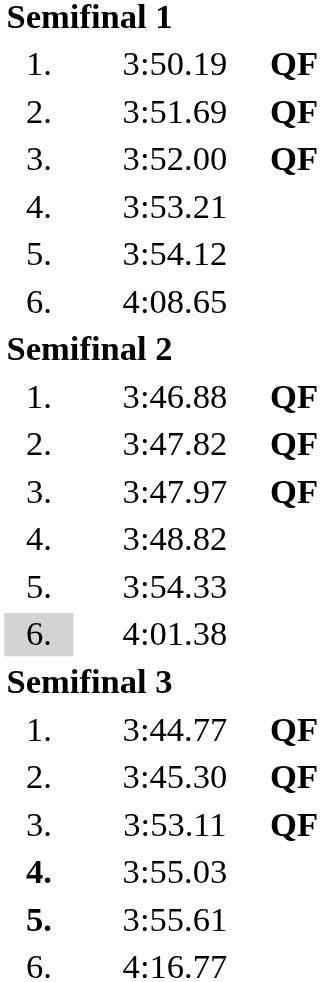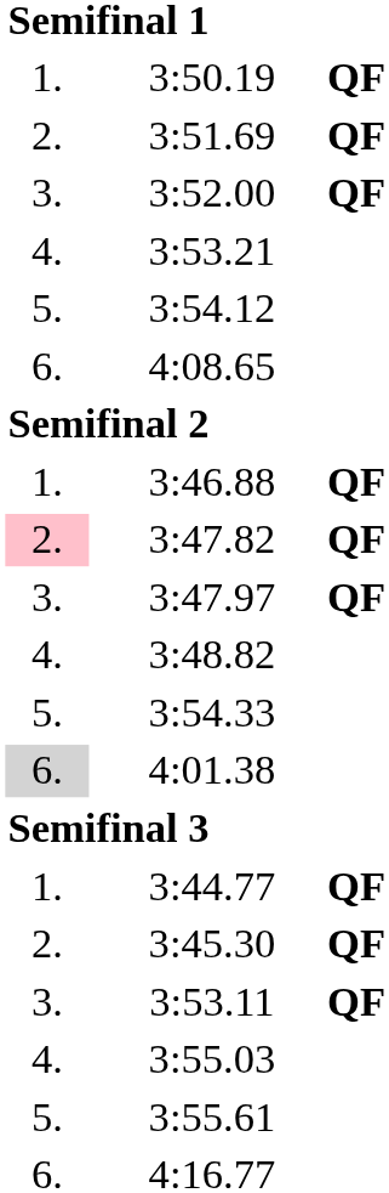 <table style="text-align:center">
 <tr>
 <td colspan=4 align=left><strong>Semifinal 1</strong></td>
 </tr>
 <tr>
 <td width=30>1.</td>
 <td align=left></td>
 <td width=80>3:50.19</td>
 <td><strong>QF</strong></td>
 </tr>
 <tr>
 <td>2.</td>
 <td align=left></td>
 <td>3:51.69</td>
 <td><strong>QF</strong></td>
 </tr>
 <tr>
 <td>3.</td>
 <td align=left></td>
 <td>3:52.00</td>
 <td><strong>QF</strong></td>
 </tr>
 <tr>
 <td>4.</td>
 <td align=left></td>
 <td>3:53.21</td>
 <td></td>
 </tr>
 <tr>
 <td>5.</td>
 <td align=left></td>
 <td>3:54.12</td>
 <td></td>
 </tr>
 <tr>
 <td>6.</td>
 <td align=left></td>
 <td>4:08.65</td>
 <td></td>
 </tr>
 <tr>
 <td colspan=4 align=left><strong>Semifinal 2</strong></td>
 </tr>
 <tr>
 <td>1.</td>
 <td align=left></td>
 <td>3:46.88</td>
 <td><strong>QF</strong></td>
 </tr>
 <tr>
-<td>2.</td>
+<td style="background: pink;">2.</td>
 <td align=left></td>
 <td>3:47.82</td>
 <td><strong>QF</strong></td>
 </tr>
 <tr>
 <td>3.</td>
 <td align=left></td>
 <td>3:47.97</td>
 <td><strong>QF</strong></td>
 </tr>
 <tr>
 <td>4.</td>
 <td align=left></td>
 <td>3:48.82</td>
 <td></td>
 </tr>
 <tr>
 <td>5.</td>
 <td align=left></td>
 <td>3:54.33</td>
 <td></td>
 </tr>
 <tr>
 <td style="background: lightgrey;">6.</td>
 <td align=left></td>
 <td>4:01.38</td>
 <td></td>
 </tr>
 <tr>
 <td colspan=4 align=left><strong>Semifinal 3</strong></td>
 </tr>
 <tr>
 <td>1.</td>
 <td align=left></td>
 <td>3:44.77</td>
 <td><strong>QF</strong></td>
 </tr>
 <tr>
 <td>2.</td>
 <td align=left></td>
 <td>3:45.30</td>
 <td><strong>QF</strong></td>
 </tr>
 <tr>
 <td>3.</td>
 <td align=left></td>
 <td>3:53.11</td>
 <td><strong>QF</strong></td>
 </tr>
 <tr>
-<td><strong>4.</strong></td>
+<td>4.</td>
 <td align=left></td>
 <td>3:55.03</td>
 <td></td>
 </tr>
 <tr>
-<td><strong>5.</strong></td>
+<td>5.</td>
 <td align=left></td>
 <td>3:55.61</td>
 <td></td>
 </tr>
 <tr>
 <td>6.</td>
 <td align=left></td>
 <td>4:16.77</td>
 <td></td>
 </tr>
 </table>
